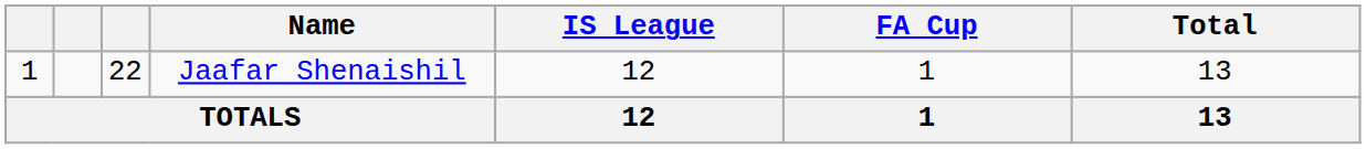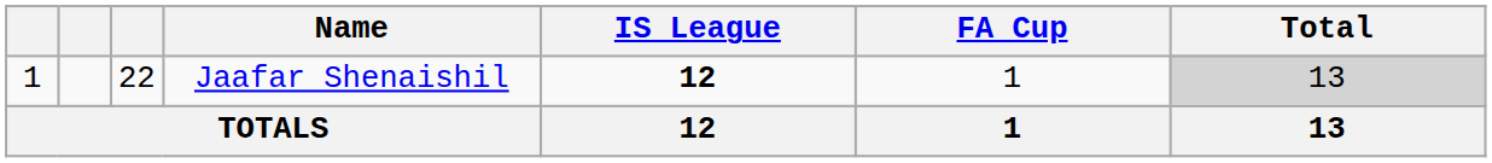 <table class="wikitable" style="font-size: 95%; text-align: center;">
 <tr>
 <th width=15></th>
 <th width=15></th>
 <th width=15></th>
 <th width=145>Name</th>
 <th width=120><a href='#'>IS League</a></th>
 <th width=120><a href='#'>FA Cup</a></th>
 <th width=120>Total</th>
 </tr>
 <tr>
 <td rowspan="1">1</td>
 <td></td>
 <td>22</td>
 <td><a href='#'>Jaafar Shenaishil</a></td>
-<td>12</td>
+<td><strong>12</strong></td>
 <td>1</td>
-<td>13</td>
+<td style="background: lightgrey;">13</td>
 </tr>
 <tr>
 <th colspan="4">TOTALS</th>
 <th>12</th>
 <th>1</th>
 <th>13</th>
 </tr>
 </table>
